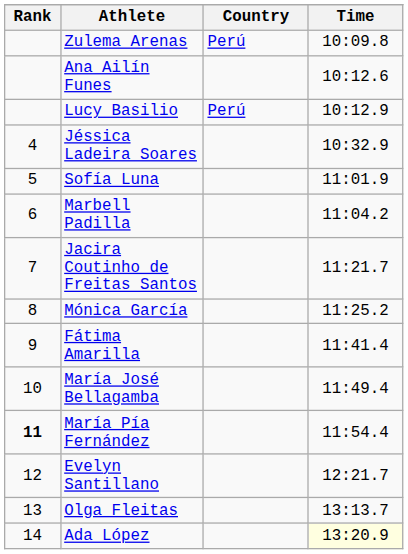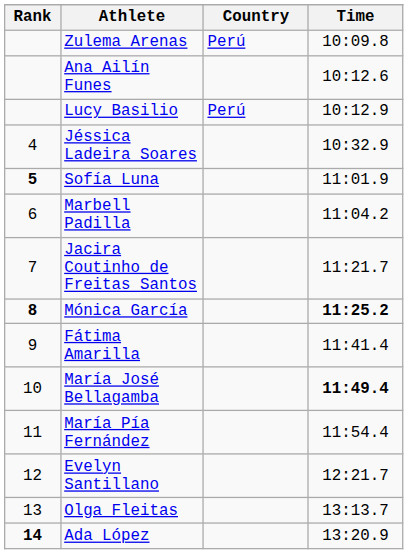 <table class="wikitable sortable" style=" text-align:center; font-size:95%;" width="50%">
 <tr>
 </tr>
 <tr>
 <th width=5%>Rank</th>
 <th width=20%>Athlete</th>
 <th width=15%>Country</th>
 <th width=10%>Time</th>
 </tr>
 <tr>
 <td align=center></td>
 <td align=left><a href='#'>Zulema Arenas</a></td>
 <td align=left> <a href='#'>Perú</a></td>
 <td>10:09.8</td>
 </tr>
 <tr>
 <td align=center></td>
 <td align=left><a href='#'>Ana Ailín Funes</a></td>
 <td align=left></td>
 <td>10:12.6</td>
 </tr>
 <tr>
 <td align=center></td>
 <td align=left><a href='#'>Lucy Basilio</a></td>
 <td align=left> <a href='#'>Perú</a></td>
 <td>10:12.9</td>
 </tr>
 <tr>
 <td align=center>4</td>
 <td align=left><a href='#'>Jéssica Ladeira Soares</a></td>
 <td align=left></td>
 <td>10:32.9</td>
 </tr>
 <tr>
-<td align=center>5</td>
+<td align=center><strong>5</strong></td>
 <td align=left><a href='#'>Sofía Luna</a></td>
 <td align=left></td>
 <td>11:01.9</td>
 </tr>
 <tr>
 <td align=center>6</td>
 <td align=left><a href='#'>Marbell Padilla</a></td>
 <td align=left></td>
 <td>11:04.2</td>
 </tr>
 <tr>
 <td align=center>7</td>
 <td align=left><a href='#'>Jacira Coutinho de Freitas Santos</a></td>
 <td align=left></td>
 <td>11:21.7</td>
 </tr>
 <tr>
-<td align=center>8</td>
+<td align=center><strong>8</strong></td>
 <td align=left><a href='#'>Mónica García</a></td>
 <td align=left></td>
-<td>11:25.2</td>
+<td><strong>11:25.2</strong></td>
 </tr>
 <tr>
 <td align=center>9</td>
 <td align=left><a href='#'>Fátima Amarilla</a></td>
 <td align=left></td>
 <td>11:41.4</td>
 </tr>
 <tr>
 <td align=center>10</td>
 <td align=left><a href='#'>María José Bellagamba</a></td>
 <td align=left></td>
-<td>11:49.4</td>
+<td><strong>11:49.4</strong></td>
 </tr>
 <tr>
-<td align=center><strong>11</strong></td>
+<td align=center>11</td>
 <td align=left><a href='#'>María Pía Fernández</a></td>
 <td align=left></td>
 <td>11:54.4</td>
 </tr>
 <tr>
 <td align=center>12</td>
 <td align=left><a href='#'>Evelyn Santillano</a></td>
 <td align=left></td>
 <td>12:21.7</td>
 </tr>
 <tr>
 <td align=center>13</td>
 <td align=left><a href='#'>Olga Fleitas</a></td>
 <td align=left></td>
 <td>13:13.7</td>
 </tr>
 <tr>
-<td align=center>14</td>
+<td align=center><strong>14</strong></td>
 <td align=left><a href='#'>Ada López</a></td>
 <td align=left></td>
-<td style="background: lightyellow;">13:20.9</td>
+<td>13:20.9</td>
 </tr>
 </table>
